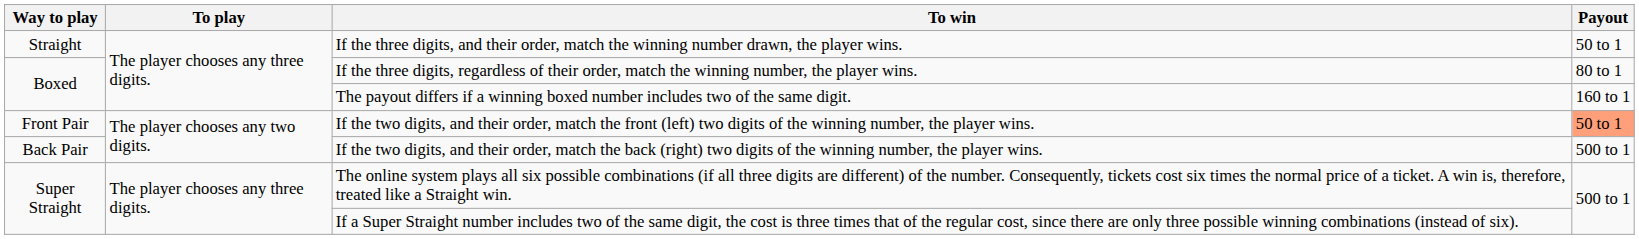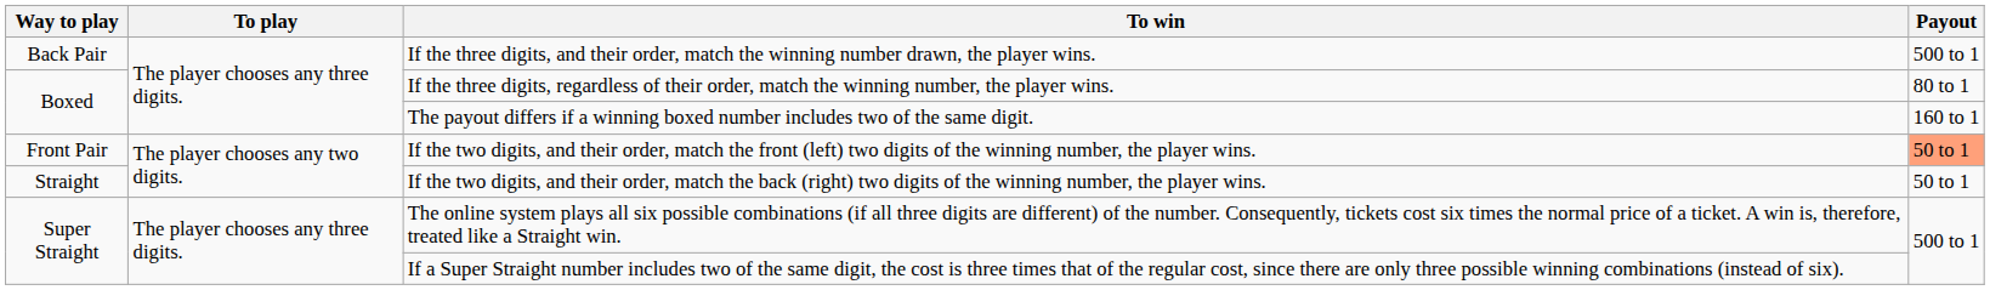 <table class="wikitable">
 <tr>
 <th width="90">Way to play</th>
 <th width="210">To play</th>
 <th>To win</th>
 <th width="50">Payout</th>
 </tr>
 <tr>
-<td align="center">Straight</td>
+<td align="center">Back Pair</td>
 <td rowspan="3">The player chooses any three digits.</td>
 <td>If the three digits, and their order, match the winning number drawn, the player wins.</td>
-<td>50 to 1</td>
+<td>500 to 1</td>
 </tr>
 <tr>
 <td align="center" rowspan="2">Boxed</td>
 <td>If the three digits, regardless of their order, match the winning number, the player wins.</td>
 <td>80 to 1</td>
 </tr>
 <tr>
 <td>The payout differs if a winning boxed number includes two of the same digit.</td>
 <td>160 to 1</td>
 </tr>
 <tr>
 <td align="center">Front Pair</td>
 <td rowspan="2">The player chooses any two digits.</td>
 <td>If the two digits, and their order, match the front (left) two digits of the winning number, the player wins.</td>
 <td style="background: lightsalmon;">50 to 1</td>
 </tr>
 <tr>
-<td align="center">Back Pair</td>
+<td align="center">Straight</td>
 <td>If the two digits, and their order, match the back (right) two digits of the winning number, the player wins.</td>
-<td>500 to 1</td>
+<td>50 to 1</td>
 </tr>
 <tr>
 <td align="center" rowspan="2">Super Straight</td>
 <td rowspan="2">The player chooses any three digits.</td>
 <td>The online system plays all six possible combinations (if all three digits are different) of the number. Consequently, tickets cost six times the normal price of a ticket. A win is, therefore, treated like a Straight win.</td>
 <td rowspan="2">500 to 1</td>
 </tr>
 <tr>
 <td>If a Super Straight number includes two of the same digit, the cost is three times that of the regular cost, since there are only three possible winning combinations (instead of six).</td>
 </tr>
 </table>
